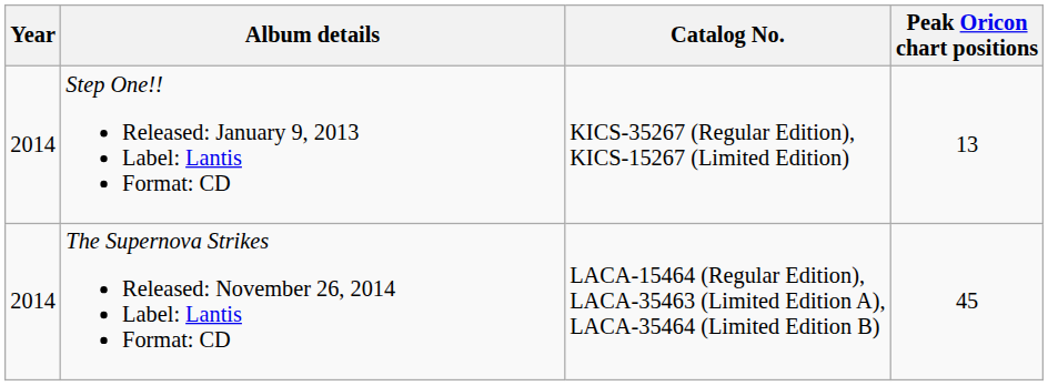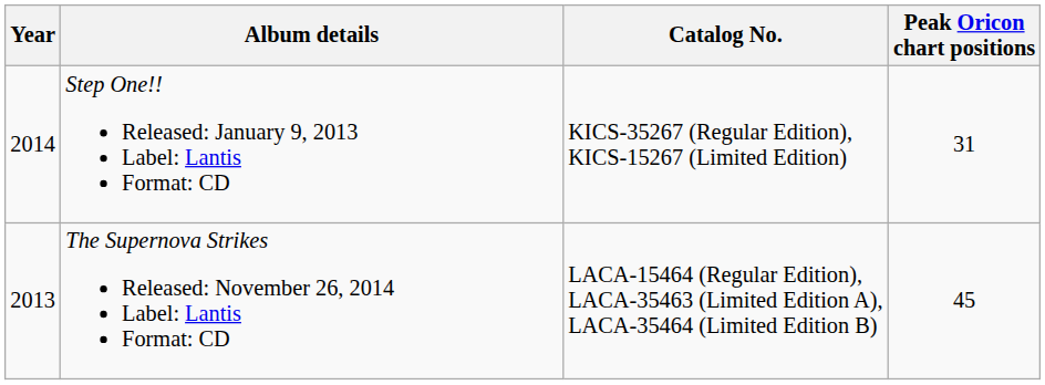 <table class="wikitable" border="1">
 <tr>
 <th rowspan="1">Year</th>
 <th rowspan="1" width="350">Album details</th>
 <th rowspan="1">Catalog No.</th>
 <th colspan="1">Peak <a href='#'>Oricon</a><br> chart positions</th>
 </tr>
 <tr>
 <td>2014</td>
 <td align="left"><em>Step One!!</em><br><ul><li>Released: January 9, 2013</li><li>Label: <a href='#'>Lantis</a></li><li>Format: CD</li></ul></td>
 <td>KICS-35267 (Regular Edition),<br> KICS-15267 (Limited Edition)</td>
-<td align="center">13</td>
+<td align="center">31</td>
 </tr>
 <tr>
-<td>2014</td>
+<td>2013</td>
 <td align="left"><em>The Supernova Strikes</em><br><ul><li>Released: November 26, 2014</li><li>Label: <a href='#'>Lantis</a></li><li>Format: CD</li></ul></td>
 <td>LACA-15464 (Regular Edition),<br> LACA-35463 (Limited Edition A),<br> LACA-35464 (Limited Edition B)</td>
 <td align="center">45</td>
 </tr>
 </table>
